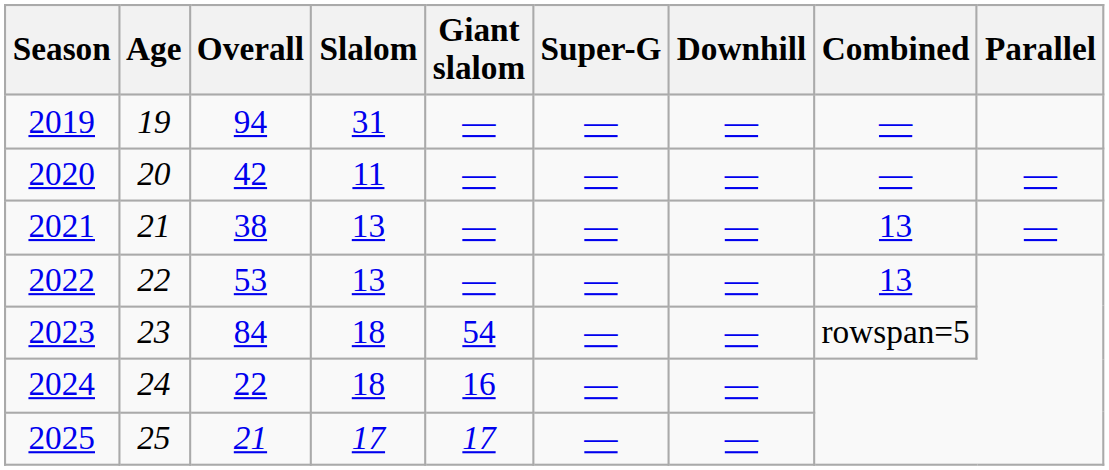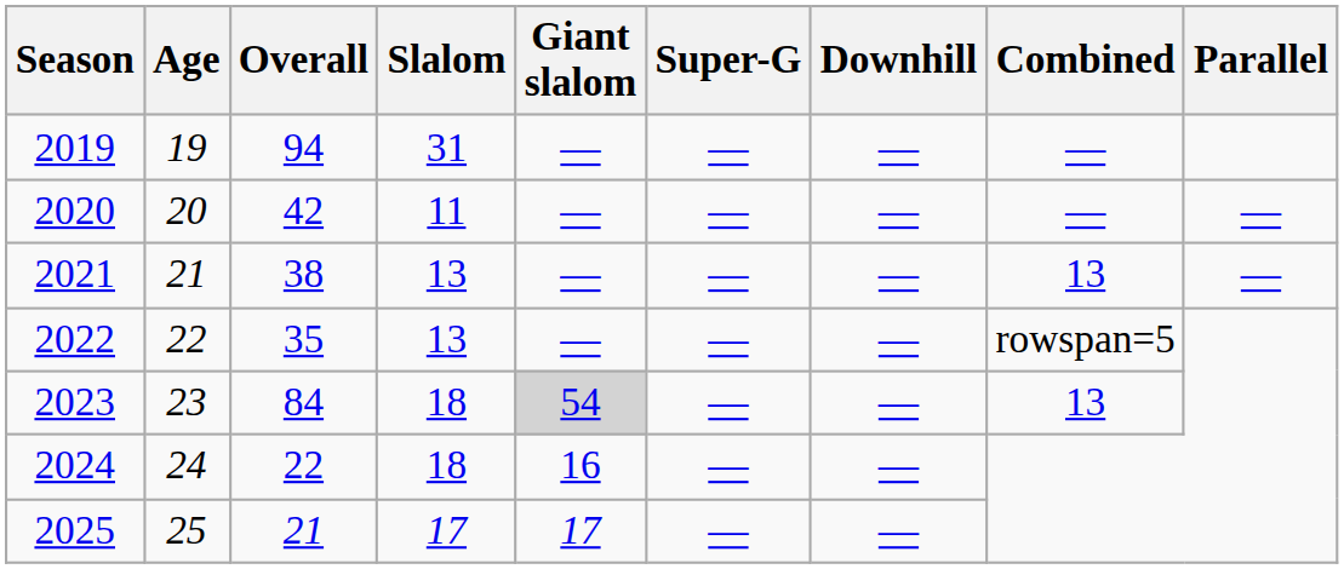 <table class=wikitable style="text-align:center">
 <tr>
 <th>Season</th>
 <th>Age</th>
 <th>Overall</th>
 <th>Slalom</th>
 <th>Giant<br>slalom</th>
 <th>Super-G</th>
 <th>Downhill</th>
 <th>Combined</th>
 <th>Parallel</th>
 </tr>
 <tr>
 <td><a href='#'>2019</a></td>
 <td><em>19</em></td>
 <td><a href='#'>94</a></td>
 <td><a href='#'>31</a></td>
 <td><a href='#'>—</a></td>
 <td><a href='#'>—</a></td>
 <td><a href='#'>—</a></td>
 <td><a href='#'>—</a></td>
 <td></td>
 </tr>
 <tr>
 <td><a href='#'>2020</a></td>
 <td><em>20</em></td>
 <td><a href='#'>42</a></td>
 <td><a href='#'>11</a></td>
 <td><a href='#'>—</a></td>
 <td><a href='#'>—</a></td>
 <td><a href='#'>—</a></td>
 <td><a href='#'>—</a></td>
 <td><a href='#'>—</a></td>
 </tr>
 <tr>
 <td><a href='#'>2021</a></td>
 <td><em>21</em></td>
 <td><a href='#'>38</a></td>
 <td><a href='#'>13</a></td>
 <td><a href='#'>—</a></td>
 <td><a href='#'>—</a></td>
 <td><a href='#'>—</a></td>
 <td><a href='#'>13</a></td>
 <td><a href='#'>—</a></td>
 </tr>
 <tr>
 <td><a href='#'>2022</a></td>
 <td><em>22</em></td>
-<td><a href='#'>53</a></td>
+<td><a href='#'>35</a></td>
 <td><a href='#'>13</a></td>
 <td><a href='#'>—</a></td>
 <td><a href='#'>—</a></td>
 <td><a href='#'>—</a></td>
-<td><a href='#'>13</a></td>
+<td>rowspan=5 </td>
 </tr>
 <tr>
 <td><a href='#'>2023</a></td>
 <td><em>23</em></td>
 <td><a href='#'>84</a></td>
 <td><a href='#'>18</a></td>
-<td><a href='#'>54</a></td>
+<td style="background: lightgrey;"><a href='#'>54</a></td>
 <td><a href='#'>—</a></td>
 <td><a href='#'>—</a></td>
-<td>rowspan=5 </td>
+<td><a href='#'>13</a></td>
 </tr>
 <tr>
 <td><a href='#'>2024</a></td>
 <td><em>24</em></td>
 <td><a href='#'>22</a></td>
 <td><a href='#'>18</a></td>
 <td><a href='#'>16</a></td>
 <td><a href='#'>—</a></td>
 <td><a href='#'>—</a></td>
 </tr>
 <tr>
 <td><a href='#'>2025</a></td>
 <td><em>25</em></td>
 <td><a href='#'><em>21</em></a></td>
 <td><a href='#'><em>17</em></a></td>
 <td><a href='#'><em>17</em></a></td>
 <td><a href='#'>—</a></td>
 <td><a href='#'>—</a></td>
 </tr>
 </table>
